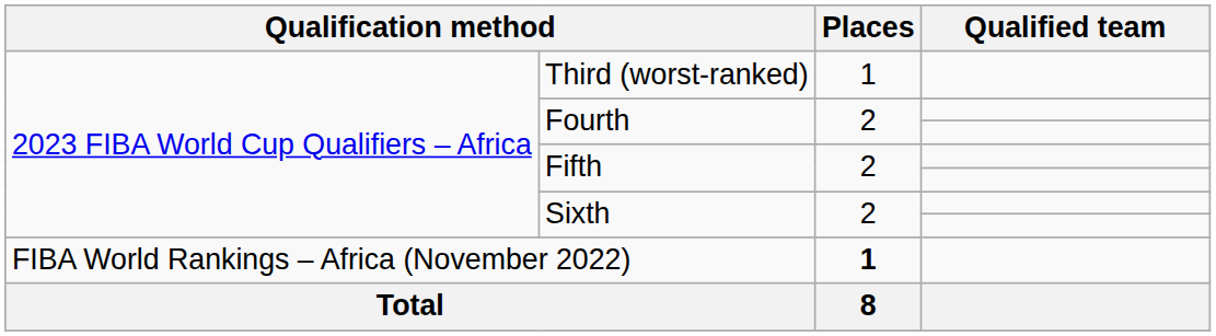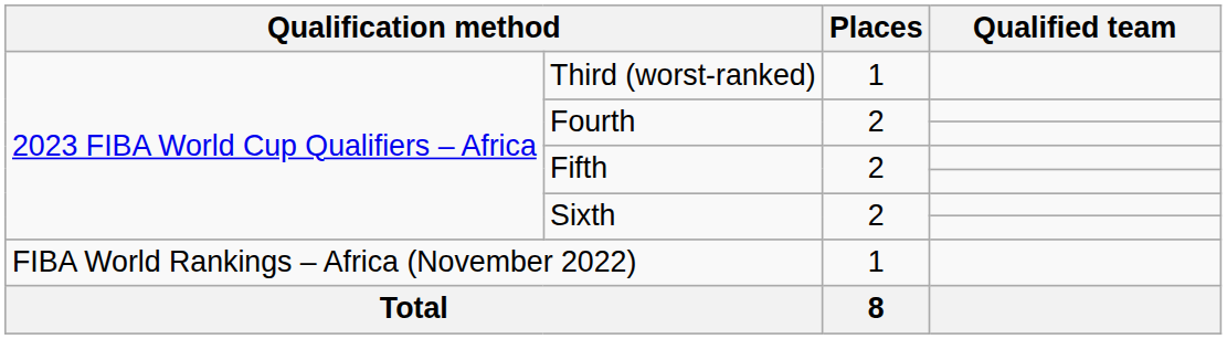 <table class="wikitable">
 <tr>
 <th colspan=2>Qualification method</th>
 <th>Places</th>
 <th width=150>Qualified team</th>
 </tr>
 <tr>
 <td rowspan=7><a href='#'>2023 FIBA World Cup Qualifiers – Africa</a></td>
 <td>Third (worst-ranked)</td>
 <td align=center>1</td>
 <td></td>
 </tr>
 <tr>
 <td rowspan=2>Fourth</td>
 <td rowspan=2 align=center>2</td>
 <td></td>
 </tr>
 <tr>
 <td></td>
 </tr>
 <tr>
 <td rowspan=2>Fifth</td>
 <td rowspan=2 align=center>2</td>
 <td></td>
 </tr>
 <tr>
 <td><s></s></td>
 </tr>
 <tr>
 <td rowspan=2>Sixth</td>
 <td rowspan=2 align=center>2</td>
 <td><s></s></td>
 </tr>
 <tr>
 <td></td>
 </tr>
 <tr>
 <td colspan=2>FIBA World Rankings – Africa (November 2022)</td>
-<td align=center><strong>1</strong></td>
+<td align=center>1</td>
 <td></td>
 </tr>
 <tr>
 <th colspan=2>Total</th>
 <th>8</th>
 <th></th>
 </tr>
 </table>
